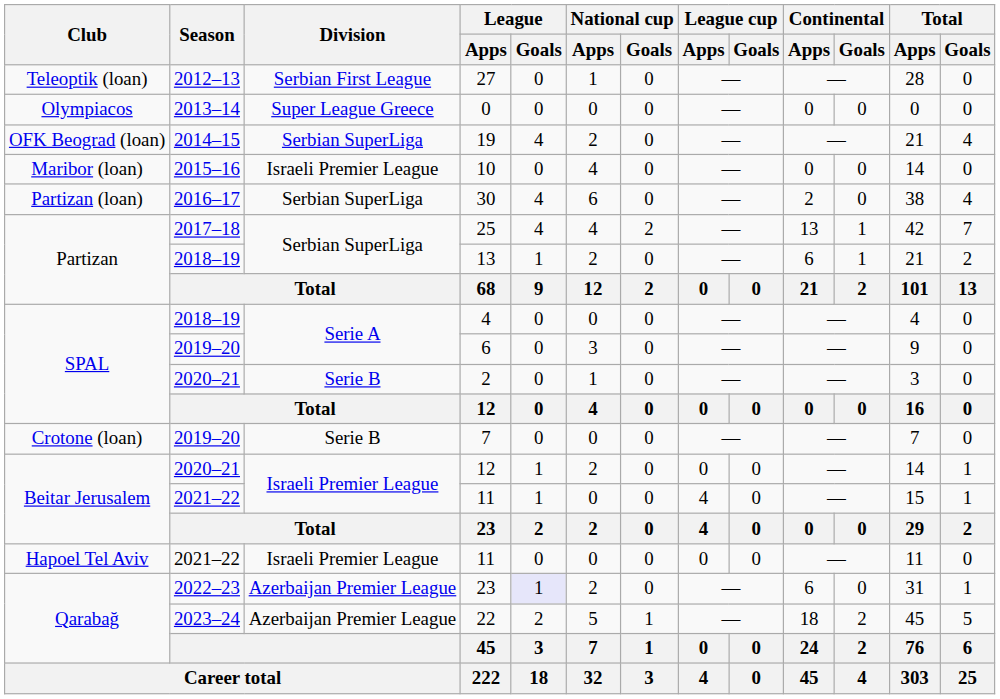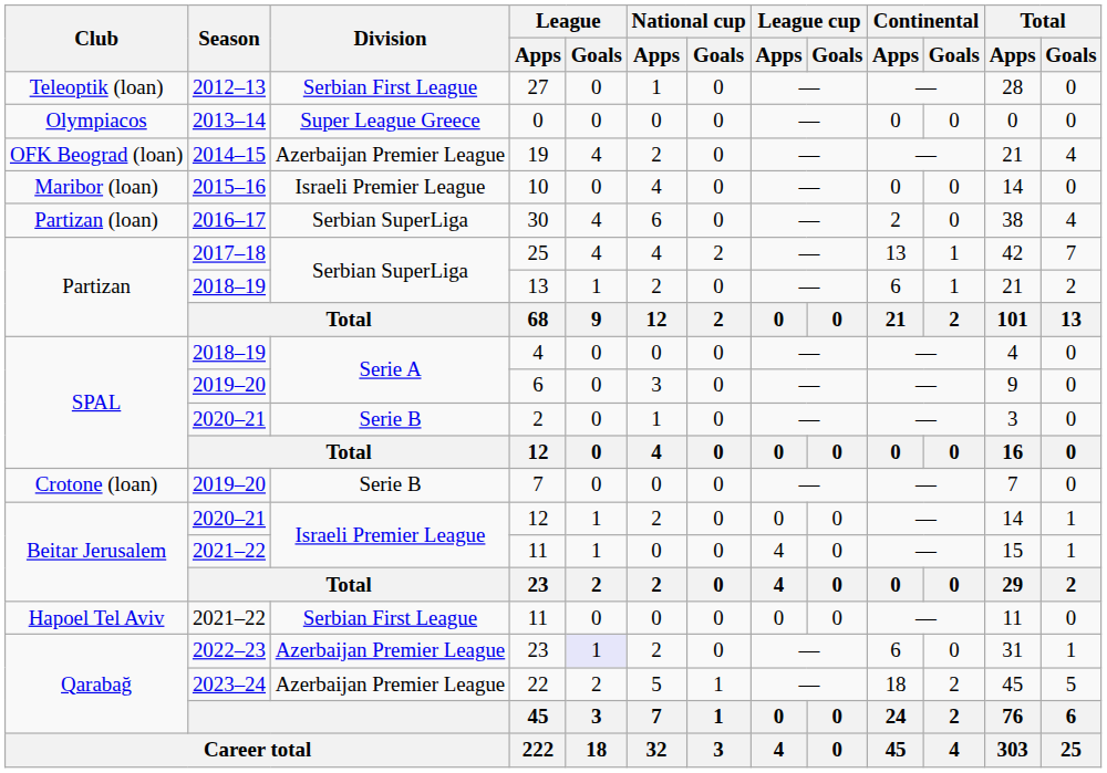 <table class="wikitable" style="text-align:center">
 <tr>
 <th rowspan="2">Club</th>
 <th rowspan="2">Season</th>
 <th rowspan="2">Division</th>
 <th colspan="2">League</th>
 <th colspan="2">National cup</th>
 <th colspan="2">League cup</th>
 <th colspan="2">Continental</th>
 <th colspan="2">Total</th>
 </tr>
 <tr>
 <th>Apps</th>
 <th>Goals</th>
 <th>Apps</th>
 <th>Goals</th>
 <th>Apps</th>
 <th>Goals</th>
 <th>Apps</th>
 <th>Goals</th>
 <th>Apps</th>
 <th>Goals</th>
 </tr>
 <tr>
 <td><a href='#'>Teleoptik</a> (loan)</td>
 <td><a href='#'>2012–13</a></td>
 <td><a href='#'>Serbian First League</a></td>
 <td>27</td>
 <td>0</td>
 <td>1</td>
 <td>0</td>
 <td colspan="2">—</td>
 <td colspan="2">—</td>
 <td>28</td>
 <td>0</td>
 </tr>
 <tr>
 <td><a href='#'>Olympiacos</a></td>
 <td><a href='#'>2013–14</a></td>
 <td><a href='#'>Super League Greece</a></td>
 <td>0</td>
 <td>0</td>
 <td>0</td>
 <td>0</td>
 <td colspan="2">—</td>
 <td>0</td>
 <td>0</td>
 <td>0</td>
 <td>0</td>
 </tr>
 <tr>
 <td><a href='#'>OFK Beograd</a> (loan)</td>
 <td><a href='#'>2014–15</a></td>
-<td><a href='#'>Serbian SuperLiga</a></td>
+<td>Azerbaijan Premier League</td>
 <td>19</td>
 <td>4</td>
 <td>2</td>
 <td>0</td>
 <td colspan="2">—</td>
 <td colspan="2">—</td>
 <td>21</td>
 <td>4</td>
 </tr>
 <tr>
 <td><a href='#'>Maribor</a> (loan)</td>
 <td><a href='#'>2015–16</a></td>
 <td>Israeli Premier League</td>
 <td>10</td>
 <td>0</td>
 <td>4</td>
 <td>0</td>
 <td colspan="2">—</td>
 <td>0</td>
 <td>0</td>
 <td>14</td>
 <td>0</td>
 </tr>
 <tr>
 <td><a href='#'>Partizan</a> (loan)</td>
 <td><a href='#'>2016–17</a></td>
 <td>Serbian SuperLiga</td>
 <td>30</td>
 <td>4</td>
 <td>6</td>
 <td>0</td>
 <td colspan="2">—</td>
 <td>2</td>
 <td>0</td>
 <td>38</td>
 <td>4</td>
 </tr>
 <tr>
 <td rowspan="3">Partizan</td>
 <td><a href='#'>2017–18</a></td>
 <td rowspan="2">Serbian SuperLiga</td>
 <td>25</td>
 <td>4</td>
 <td>4</td>
 <td>2</td>
 <td colspan="2">—</td>
 <td>13</td>
 <td>1</td>
 <td>42</td>
 <td>7</td>
 </tr>
 <tr>
 <td><a href='#'>2018–19</a></td>
 <td>13</td>
 <td>1</td>
 <td>2</td>
 <td>0</td>
 <td colspan="2">—</td>
 <td>6</td>
 <td>1</td>
 <td>21</td>
 <td>2</td>
 </tr>
 <tr>
 <th colspan="2">Total</th>
 <th>68</th>
 <th>9</th>
 <th>12</th>
 <th>2</th>
 <th>0</th>
 <th>0</th>
 <th>21</th>
 <th>2</th>
 <th>101</th>
 <th>13</th>
 </tr>
 <tr>
 <td rowspan="4"><a href='#'>SPAL</a></td>
 <td><a href='#'>2018–19</a></td>
 <td rowspan="2"><a href='#'>Serie A</a></td>
 <td>4</td>
 <td>0</td>
 <td>0</td>
 <td>0</td>
 <td colspan="2">—</td>
 <td colspan="2">—</td>
 <td>4</td>
 <td>0</td>
 </tr>
 <tr>
 <td><a href='#'>2019–20</a></td>
 <td>6</td>
 <td>0</td>
 <td>3</td>
 <td>0</td>
 <td colspan="2">—</td>
 <td colspan="2">—</td>
 <td>9</td>
 <td>0</td>
 </tr>
 <tr>
 <td><a href='#'>2020–21</a></td>
 <td rowspan="1"><a href='#'>Serie B</a></td>
 <td>2</td>
 <td>0</td>
 <td>1</td>
 <td>0</td>
 <td colspan="2">—</td>
 <td colspan="2">—</td>
 <td>3</td>
 <td>0</td>
 </tr>
 <tr>
 <th colspan="2">Total</th>
 <th>12</th>
 <th>0</th>
 <th>4</th>
 <th>0</th>
 <th>0</th>
 <th>0</th>
 <th>0</th>
 <th>0</th>
 <th>16</th>
 <th>0</th>
 </tr>
 <tr>
 <td><a href='#'>Crotone</a> (loan)</td>
 <td><a href='#'>2019–20</a></td>
 <td>Serie B</td>
 <td>7</td>
 <td>0</td>
 <td>0</td>
 <td>0</td>
 <td colspan="2">—</td>
 <td colspan="2">—</td>
 <td>7</td>
 <td>0</td>
 </tr>
 <tr>
 <td rowspan="3"><a href='#'>Beitar Jerusalem</a></td>
 <td><a href='#'>2020–21</a></td>
 <td rowspan="2"><a href='#'>Israeli Premier League</a></td>
 <td>12</td>
 <td>1</td>
 <td>2</td>
 <td>0</td>
 <td>0</td>
 <td>0</td>
 <td colspan="2">—</td>
 <td>14</td>
 <td>1</td>
 </tr>
 <tr>
 <td><a href='#'>2021–22</a></td>
 <td>11</td>
 <td>1</td>
 <td>0</td>
 <td>0</td>
 <td>4</td>
 <td>0</td>
 <td colspan="2">—</td>
 <td>15</td>
 <td>1</td>
 </tr>
 <tr>
 <th colspan="2">Total</th>
 <th>23</th>
 <th>2</th>
 <th>2</th>
 <th>0</th>
 <th>4</th>
 <th>0</th>
 <th>0</th>
 <th>0</th>
 <th>29</th>
 <th>2</th>
 </tr>
 <tr>
 <td><a href='#'>Hapoel Tel Aviv</a></td>
 <td>2021–22</td>
-<td>Israeli Premier League</td>
+<td><a href='#'>Serbian First League</a></td>
 <td>11</td>
 <td>0</td>
 <td>0</td>
 <td>0</td>
 <td>0</td>
 <td>0</td>
 <td colspan="2">—</td>
 <td>11</td>
 <td>0</td>
 </tr>
 <tr>
 <td rowspan="3"><a href='#'>Qarabağ</a></td>
 <td><a href='#'>2022–23</a></td>
 <td><a href='#'>Azerbaijan Premier League</a></td>
 <td>23</td>
 <td style="background: lavender;">1</td>
 <td>2</td>
 <td>0</td>
 <td colspan="2">—</td>
 <td>6</td>
 <td>0</td>
 <td>31</td>
 <td>1</td>
 </tr>
 <tr>
 <td><a href='#'>2023–24</a></td>
 <td>Azerbaijan Premier League</td>
 <td>22</td>
 <td>2</td>
 <td>5</td>
 <td>1</td>
 <td colspan="2">—</td>
 <td>18</td>
 <td>2</td>
 <td>45</td>
 <td>5</td>
 </tr>
 <tr>
 <th colspan="2"></th>
 <th>45</th>
 <th>3</th>
 <th>7</th>
 <th>1</th>
 <th>0</th>
 <th>0</th>
 <th>24</th>
 <th>2</th>
 <th>76</th>
 <th>6</th>
 </tr>
 <tr>
 <th colspan="3">Career total</th>
 <th>222</th>
 <th>18</th>
 <th>32</th>
 <th>3</th>
 <th>4</th>
 <th>0</th>
 <th>45</th>
 <th>4</th>
 <th>303</th>
 <th>25</th>
 </tr>
 </table>
